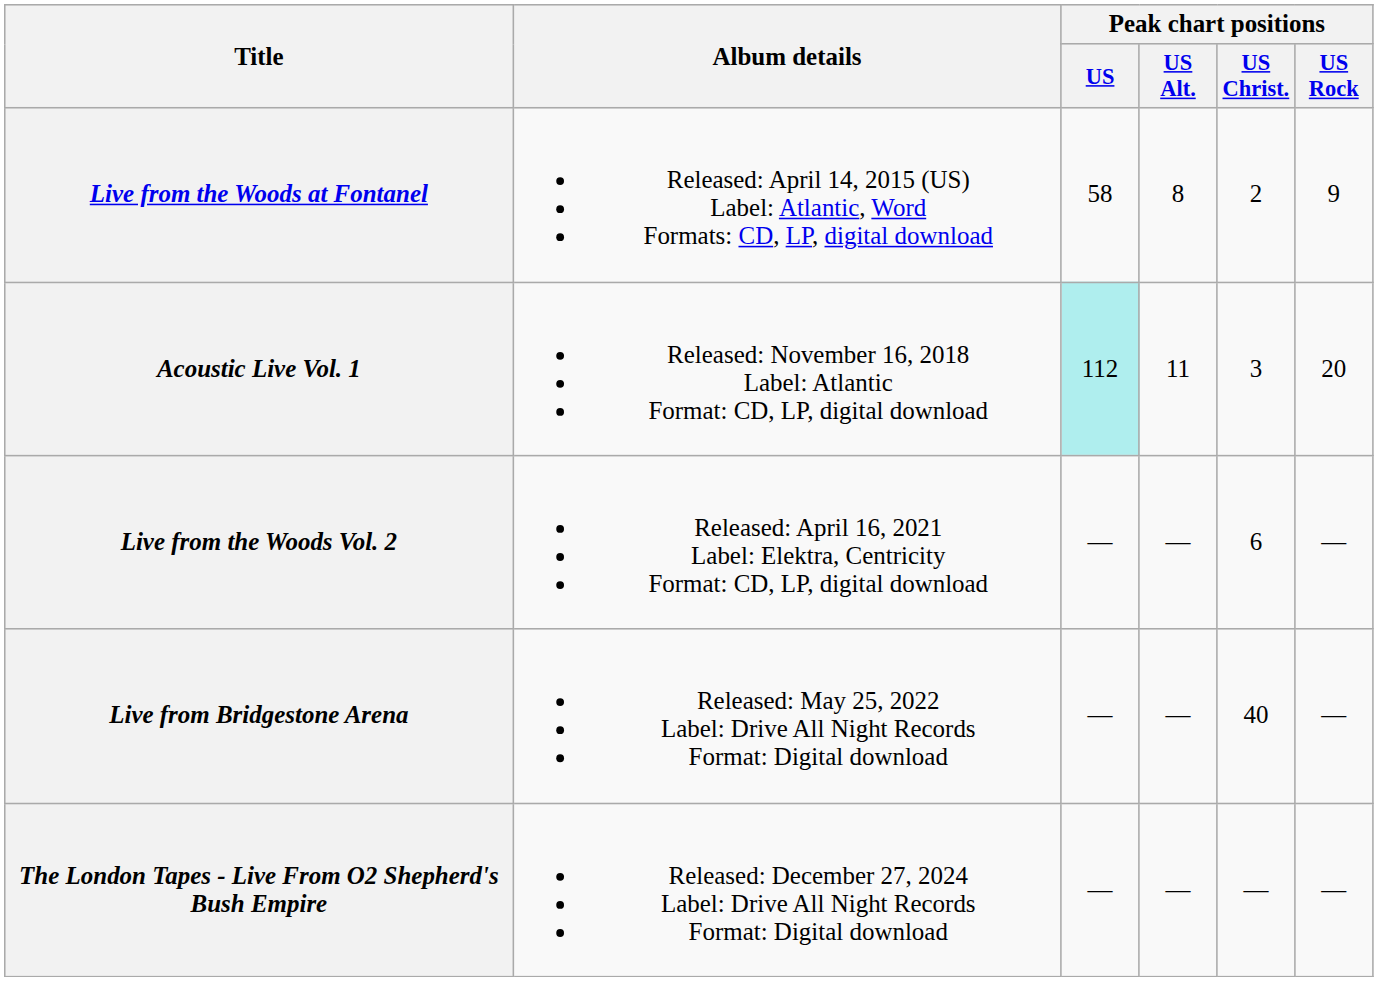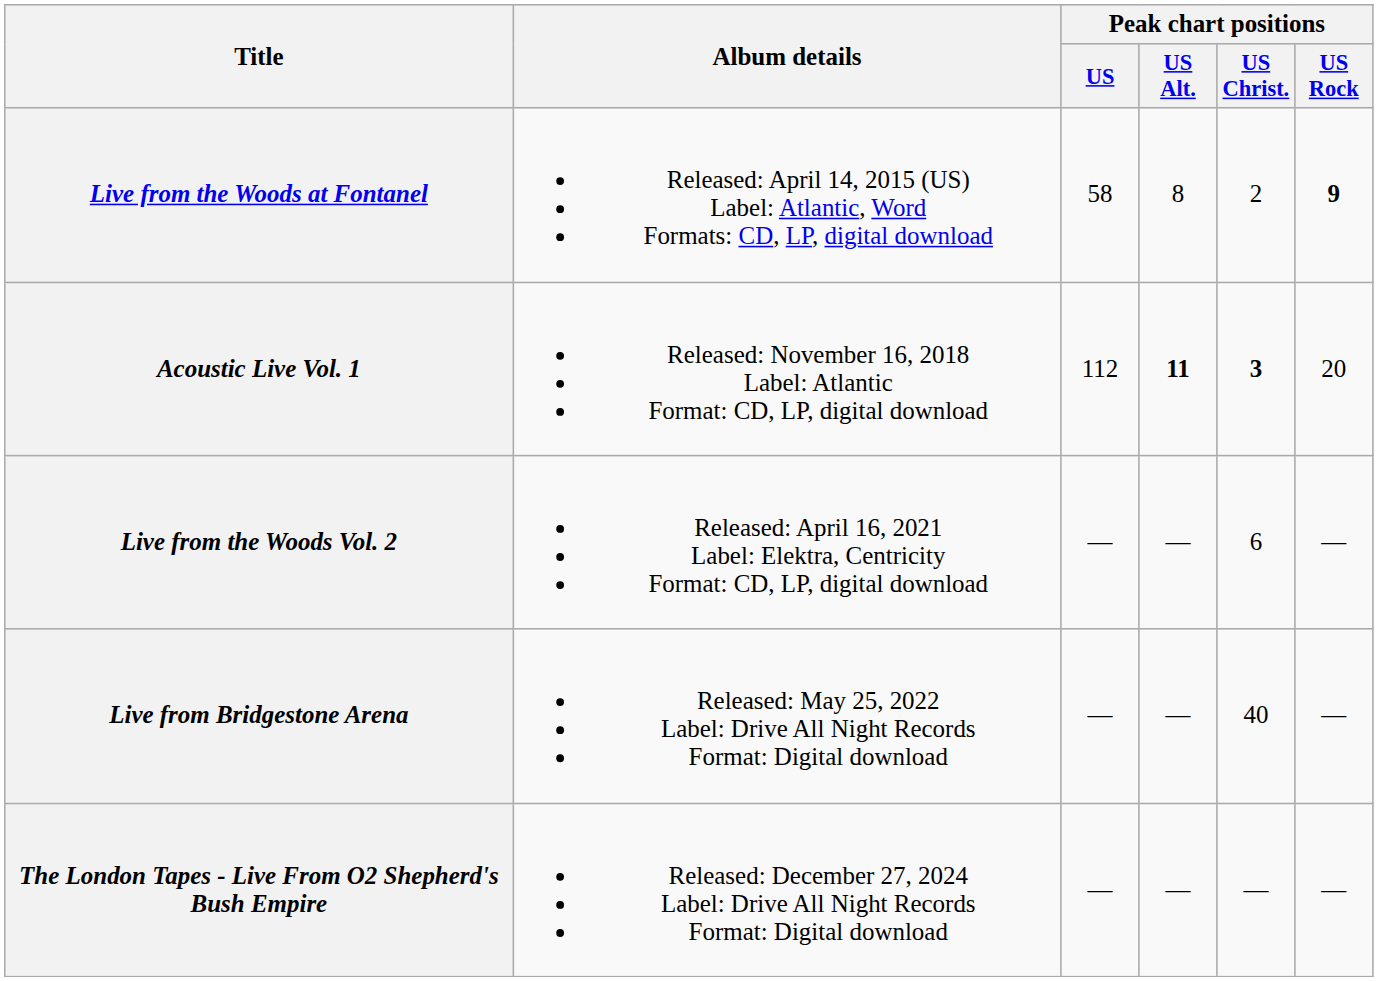 <table class="wikitable plainrowheaders" style="text-align:center;">
 <tr>
 <th scope="col" rowspan="2" style="width:19.9em;">Title</th>
 <th scope="col" rowspan="2" style="width:21.5em;">Album details</th>
 <th scope="col" colspan="4">Peak chart positions</th>
 </tr>
 <tr>
 <th scope="col" style="width:3em;font-size:90%;"><a href='#'>US</a><br></th>
 <th scope="col" style="width:3em;font-size:90%;"><a href='#'>US<br>Alt.</a><br></th>
 <th scope="col" style="width:3em;font-size:90%;"><a href='#'>US<br>Christ.</a></th>
 <th scope="col" style="width:3em;font-size:90%;"><a href='#'>US<br>Rock</a><br></th>
 </tr>
 <tr>
 <th scope="row"><em><a href='#'>Live from the Woods at Fontanel</a></em></th>
 <td><br><ul><li>Released: April 14, 2015 <span>(US)</span></li><li>Label: <a href='#'>Atlantic</a>, <a href='#'>Word</a></li><li>Formats: <a href='#'>CD</a>, <a href='#'>LP</a>, <a href='#'>digital download</a></li></ul></td>
 <td>58</td>
 <td>8</td>
 <td>2</td>
-<td>9</td>
+<td><strong>9</strong></td>
 </tr>
 <tr>
 <th scope="row"><em>Acoustic Live Vol. 1</em></th>
 <td><br><ul><li>Released: November 16, 2018</li><li>Label: Atlantic</li><li>Format: CD, LP, digital download</li></ul></td>
-<td style="background: paleturquoise;">112</td>
-<td>11</td>
-<td>3</td>
+<td>112</td>
+<td><strong>11</strong></td>
+<td><strong>3</strong></td>
 <td>20</td>
 </tr>
 <tr>
 <th scope="row"><em>Live from the Woods Vol. 2</em></th>
 <td><br><ul><li>Released: April 16, 2021</li><li>Label: Elektra, Centricity</li><li>Format: CD, LP, digital download</li></ul></td>
 <td>—</td>
 <td>—</td>
 <td>6</td>
 <td>—</td>
 </tr>
 <tr>
 <th scope="row"><em>Live from Bridgestone Arena</em></th>
 <td><br><ul><li>Released: May 25, 2022</li><li>Label: Drive All Night Records</li><li>Format: Digital download</li></ul></td>
 <td>—</td>
 <td>—</td>
 <td>40</td>
 <td>—</td>
 </tr>
 <tr>
 <th scope="row"><em>The London Tapes - Live From O2 Shepherd's Bush Empire</em></th>
 <td><br><ul><li>Released: December 27, 2024</li><li>Label: Drive All Night Records</li><li>Format: Digital download</li></ul></td>
 <td>—</td>
 <td>—</td>
 <td>—</td>
 <td>—</td>
 </tr>
 </table>
